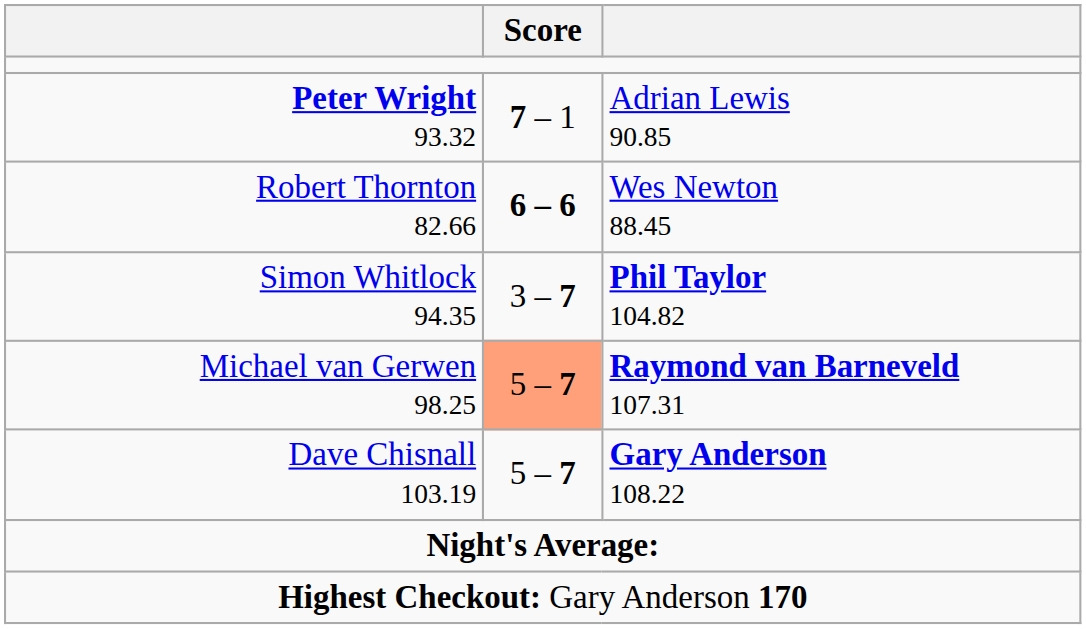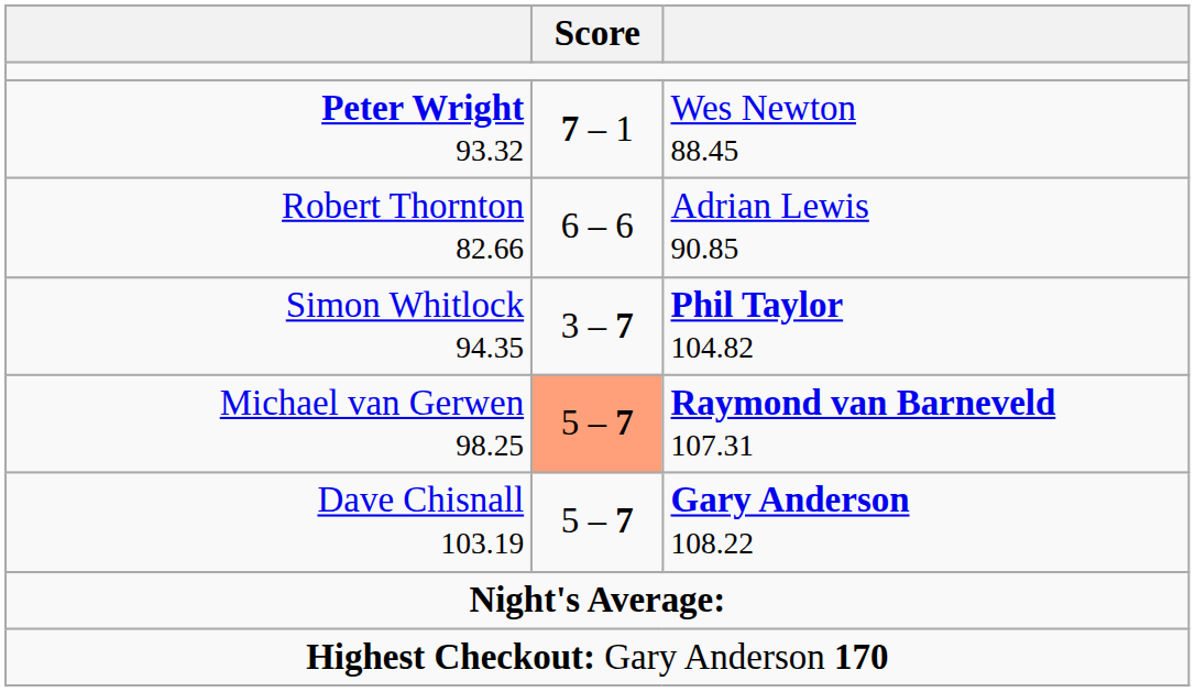 <table class=wikitable style="text-align:center">
 <tr>
 <th width=225></th>
 <th width=50>Score</th>
 <th width=225></th>
 </tr>
 <tr align=centre>
 <td colspan="3"></td>
 </tr>
 <tr align=left>
 <td align=right><strong><a href='#'>Peter Wright</a></strong>  <br><small><span>93.32</span></small></td>
 <td align=center><strong>7</strong> – 1</td>
-<td> <a href='#'>Adrian Lewis</a> <br><small><span>90.85</span></small></td>
+<td> <a href='#'>Wes Newton</a> <br><small><span>88.45</span></small></td>
 </tr>
 <tr align=left>
 <td align=right><a href='#'>Robert Thornton</a>  <br><small><span>82.66</span></small></td>
-<td align=center><strong>6 – 6</strong></td>
-<td> <a href='#'>Wes Newton</a> <br><small><span>88.45</span></small></td>
+<td align=center>6 – 6</td>
+<td> <a href='#'>Adrian Lewis</a> <br><small><span>90.85</span></small></td>
 </tr>
 <tr align=left>
 <td align=right><a href='#'>Simon Whitlock</a>  <br><small><span>94.35</span></small></td>
 <td align=center>3 – <strong>7</strong></td>
 <td> <strong><a href='#'>Phil Taylor</a></strong> <br><small><span>104.82</span></small></td>
 </tr>
 <tr align=left>
 <td align=right><a href='#'>Michael van Gerwen</a>  <br><small><span>98.25</span></small></td>
 <td align=center style="background: lightsalmon;">5 – <strong>7</strong></td>
 <td> <strong><a href='#'>Raymond van Barneveld</a></strong> <br><small><span>107.31</span></small></td>
 </tr>
 <tr align=left>
 <td align=right><a href='#'>Dave Chisnall</a>  <br><small><span>103.19</span></small></td>
 <td align=center>5 – <strong>7</strong></td>
 <td> <strong><a href='#'>Gary Anderson</a></strong> <br><small><span>108.22</span></small></td>
 </tr>
 <tr align=center>
 <td colspan="3"><strong>Night's Average:</strong> </td>
 </tr>
 <tr align=center>
 <td colspan="3"><strong>Highest Checkout:</strong> Gary Anderson <strong>170</strong></td>
 </tr>
 </table>
